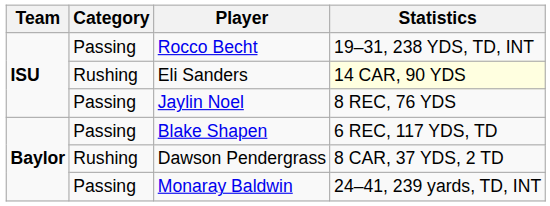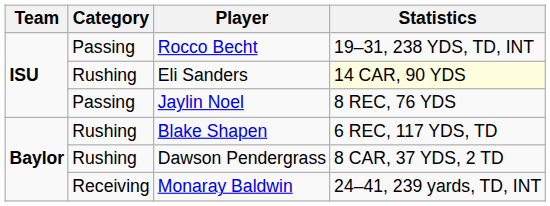 <table class="wikitable" style="float: right;">
 <tr>
 <th>Team</th>
 <th>Category</th>
 <th>Player</th>
 <th>Statistics</th>
 </tr>
 <tr>
 <td rowspan=3><strong>ISU</strong></td>
 <td>Passing</td>
 <td><a href='#'>Rocco Becht</a></td>
 <td>19–31, 238 YDS, TD, INT</td>
 </tr>
 <tr>
 <td>Rushing</td>
 <td>Eli Sanders</td>
 <td style="background: lightyellow;">14 CAR, 90 YDS</td>
 </tr>
 <tr>
 <td>Passing</td>
 <td><a href='#'>Jaylin Noel</a></td>
 <td>8 REC, 76 YDS</td>
 </tr>
 <tr>
 <td rowspan=3><strong>Baylor</strong></td>
-<td>Passing</td>
+<td>Rushing</td>
 <td><a href='#'>Blake Shapen</a></td>
 <td>6 REC, 117 YDS, TD</td>
 </tr>
 <tr>
 <td>Rushing</td>
 <td>Dawson Pendergrass</td>
 <td>8 CAR, 37 YDS, 2 TD</td>
 </tr>
 <tr>
-<td>Passing</td>
+<td>Receiving</td>
 <td><a href='#'>Monaray Baldwin</a></td>
 <td>24–41, 239 yards, TD, INT</td>
 </tr>
 </table>
